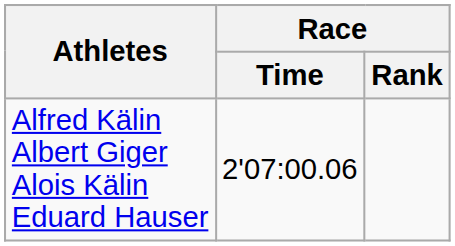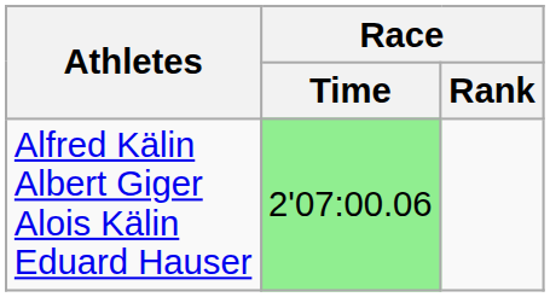 <table class="wikitable" border="1" style="font-size:90%">
 <tr>
 <th rowspan=2>Athletes</th>
 <th colspan=2>Race</th>
 </tr>
 <tr>
 <th>Time</th>
 <th>Rank</th>
 </tr>
 <tr>
 <td><a href='#'>Alfred Kälin</a><br><a href='#'>Albert Giger</a><br><a href='#'>Alois Kälin</a><br><a href='#'>Eduard Hauser</a></td>
-<td align=center>2'07:00.06</td>
+<td align=center style="background: lightgreen;">2'07:00.06</td>
 <td align=center></td>
 </tr>
 </table>
